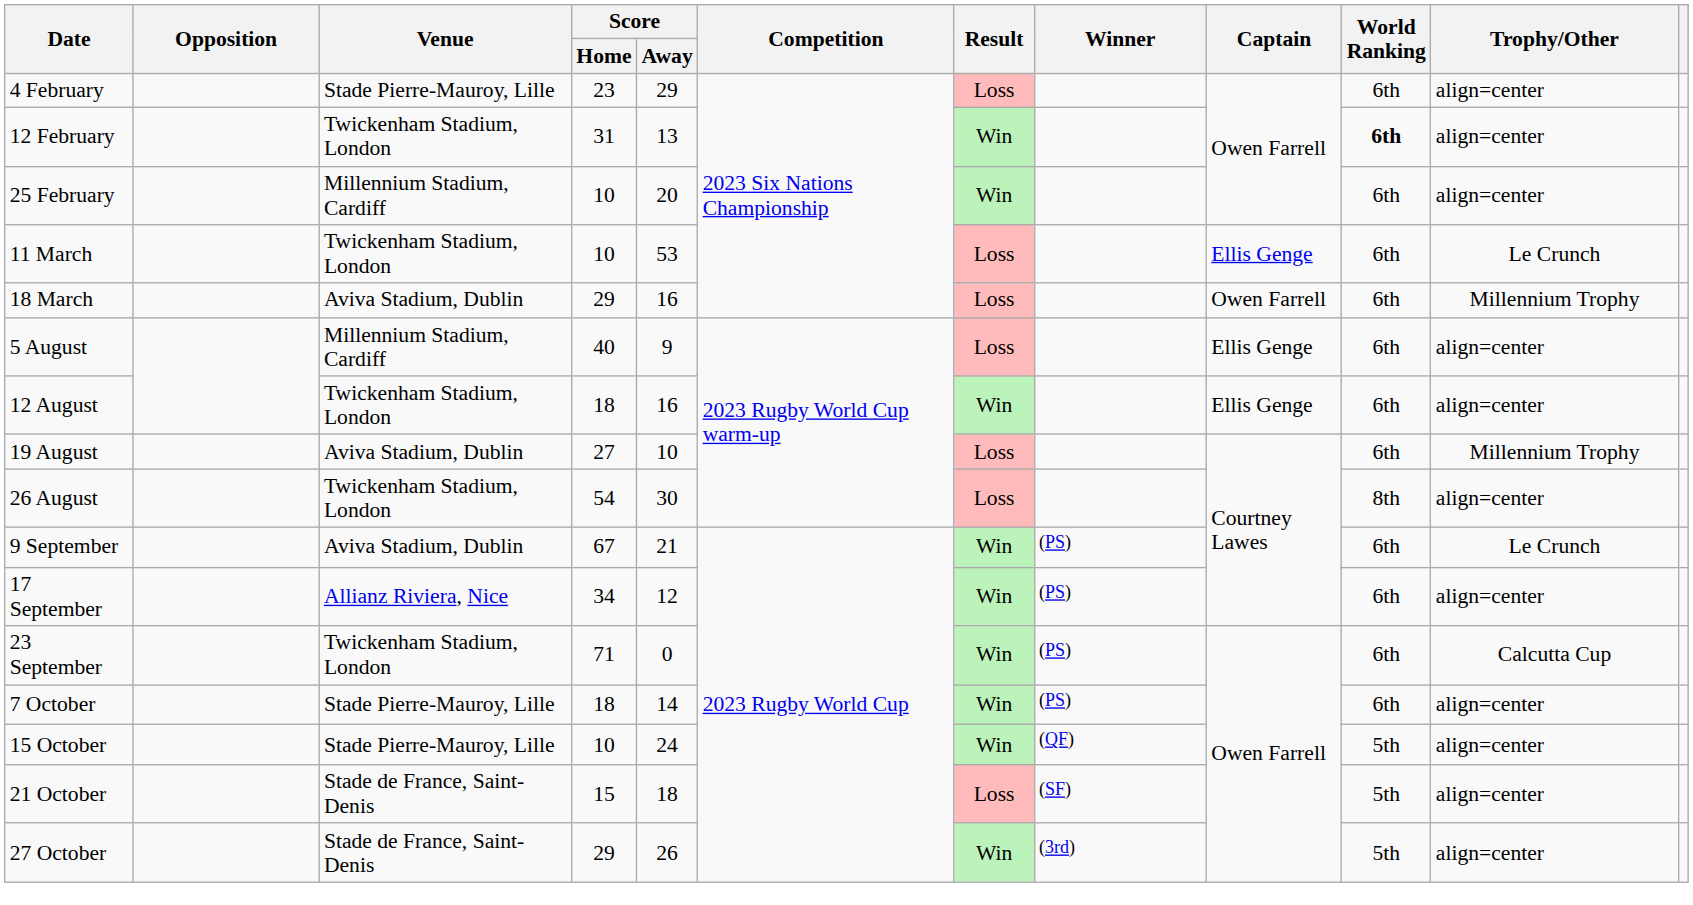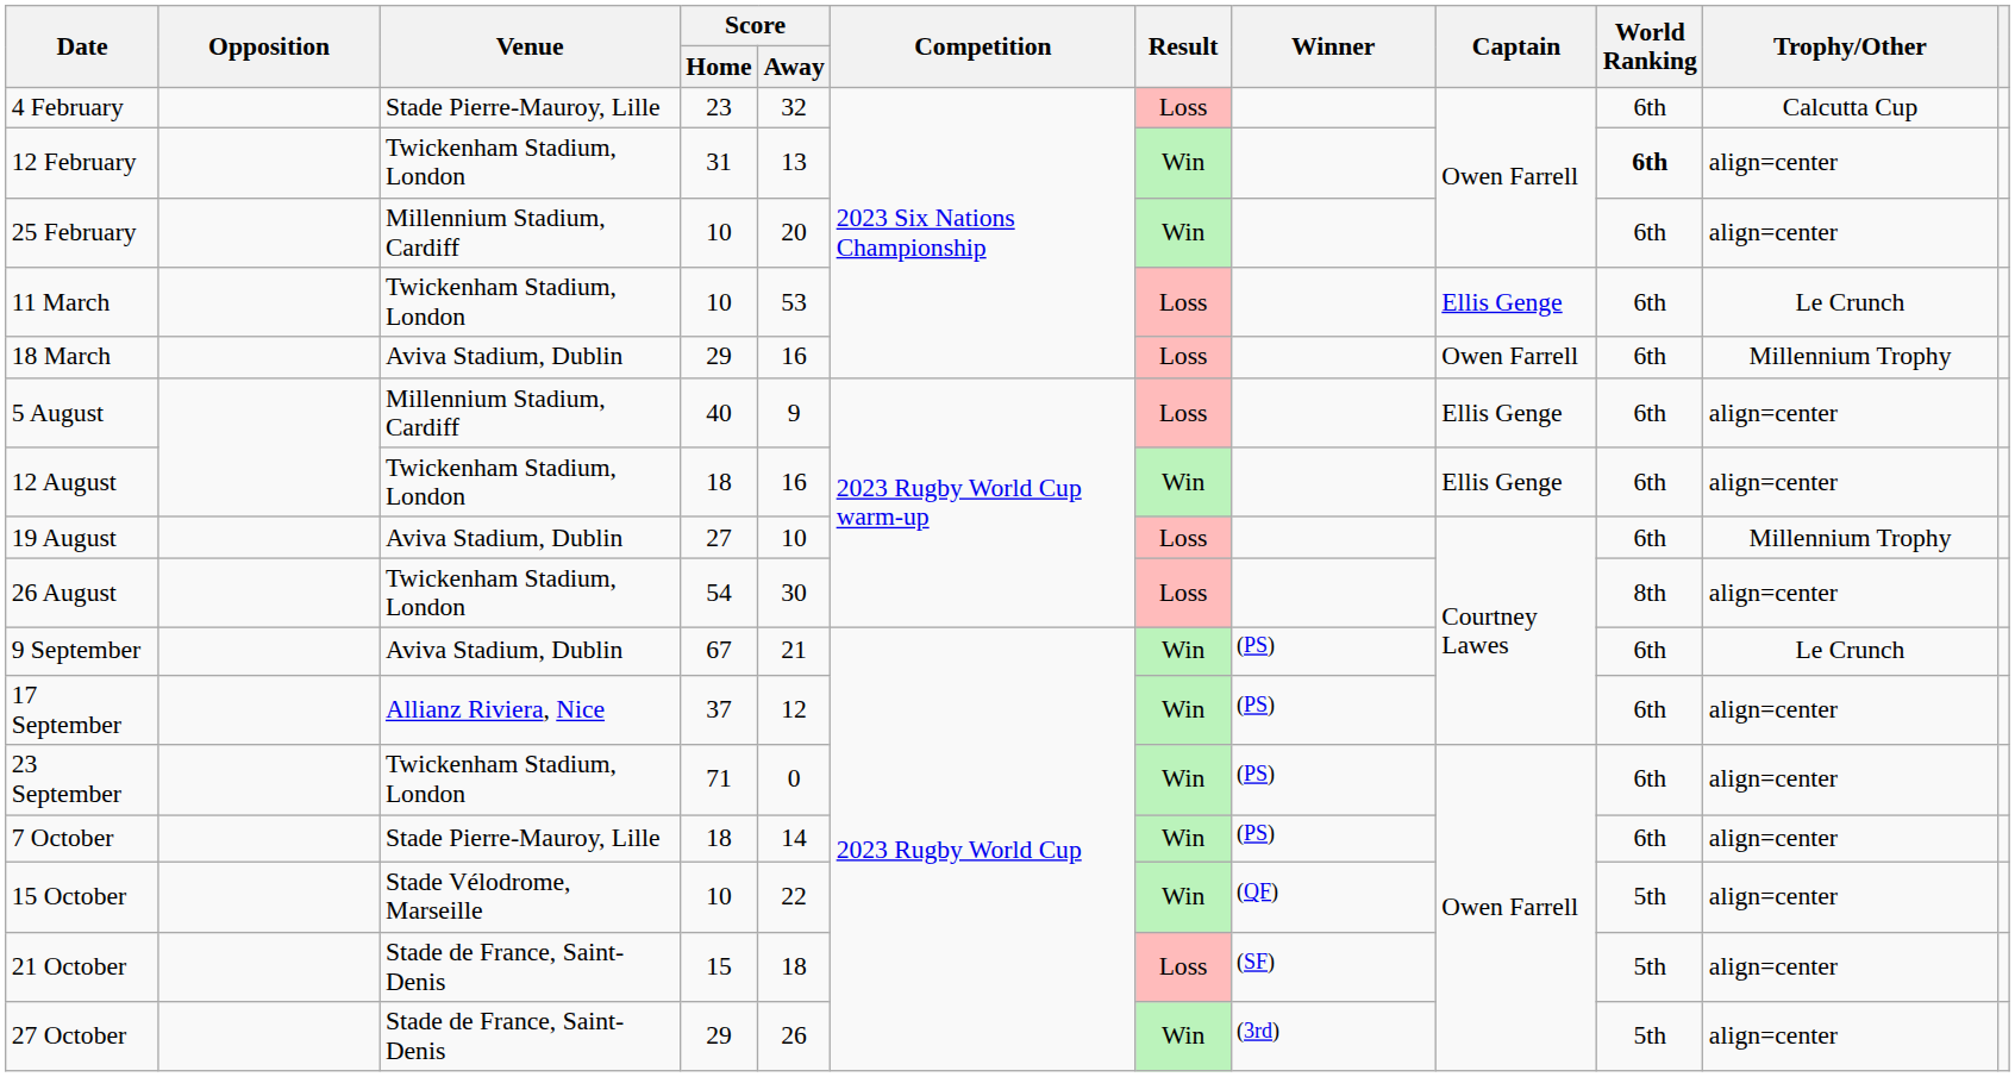 <table class="wikitable">
 <tr>
 <th rowspan=2 width="95">Date</th>
 <th rowspan=2 width="150">Opposition</th>
 <th rowspan=2 width="215">Venue</th>
 <th colspan=2>Score</th>
 <th rowspan=2 width="215">Competition</th>
 <th rowspan=2 width="55">Result</th>
 <th rowspan=2 width="145">Winner</th>
 <th rowspan=2 width="105">Captain</th>
 <th rowspan=2 width="40">World Ranking</th>
 <th rowspan=2 width="205">Trophy/Other </th>
 <th rowspan=2></th>
 </tr>
 <tr>
 <th width="35">Home</th>
 <th width="35">Away</th>
 </tr>
 <tr>
 <td>4 February</td>
 <td></td>
 <td>Stade Pierre-Mauroy, Lille</td>
 <td align=center>23</td>
-<td align=center>29</td>
+<td align=center>32</td>
 <td rowspan=5><a href='#'>2023 Six Nations Championship</a></td>
 <td align=center bgcolor=#FFBBBB>Loss</td>
 <td></td>
 <td rowspan=3>Owen Farrell</td>
 <td align=center>6th</td>
-<td>align=center </td>
+<td align=center>Calcutta Cup</td>
 <td align=center></td>
 </tr>
 <tr>
 <td>12 February</td>
 <td></td>
 <td>Twickenham Stadium, London</td>
 <td align=center>31</td>
 <td align=center>13</td>
 <td align=center bgcolor=#BBF3BB>Win</td>
 <td></td>
 <td align=center><strong>6th</strong></td>
 <td>align=center </td>
 <td align=center></td>
 </tr>
 <tr>
 <td>25 February</td>
 <td></td>
 <td>Millennium Stadium, Cardiff</td>
 <td align=center>10</td>
 <td align=center>20</td>
 <td align=center bgcolor=#BBF3BB>Win</td>
 <td></td>
 <td align=center>6th</td>
 <td>align=center </td>
 <td align=center></td>
 </tr>
 <tr>
 <td>11 March</td>
 <td></td>
 <td>Twickenham Stadium, London</td>
 <td align=center>10</td>
 <td align=center>53</td>
 <td align=center bgcolor=#FFBBBB>Loss</td>
 <td></td>
 <td><a href='#'>Ellis Genge</a></td>
 <td align=center>6th</td>
 <td align=center>Le Crunch</td>
 <td align=center></td>
 </tr>
 <tr>
 <td>18 March</td>
 <td></td>
 <td>Aviva Stadium, Dublin</td>
 <td align=center>29</td>
 <td align=center>16</td>
 <td align=center bgcolor=#FFBBBB>Loss</td>
 <td></td>
 <td>Owen Farrell</td>
 <td align=center>6th</td>
 <td align=center>Millennium Trophy</td>
 <td align=center></td>
 </tr>
 <tr>
 <td>5 August</td>
 <td rowspan=2></td>
 <td>Millennium Stadium, Cardiff</td>
 <td align=center>40</td>
 <td align=center>9</td>
 <td rowspan=4><a href='#'>2023 Rugby World Cup warm-up</a></td>
 <td align=center bgcolor=#FFBBBB>Loss</td>
 <td></td>
 <td>Ellis Genge</td>
 <td align=center>6th</td>
 <td>align=center </td>
 <td align=center></td>
 </tr>
 <tr>
 <td>12 August</td>
 <td>Twickenham Stadium, London</td>
 <td align=center>18</td>
 <td align=center>16</td>
 <td align=center bgcolor=#BBF3BB>Win</td>
 <td></td>
 <td>Ellis Genge</td>
 <td align=center>6th</td>
 <td>align=center </td>
 <td align=center></td>
 </tr>
 <tr>
 <td>19 August</td>
 <td></td>
 <td>Aviva Stadium, Dublin</td>
 <td align=center>27</td>
 <td align=center>10</td>
 <td align=center bgcolor=#FFBBBB>Loss</td>
 <td></td>
 <td rowspan=4>Courtney Lawes</td>
 <td align=center>6th</td>
 <td align=center>Millennium Trophy</td>
 <td align=center></td>
 </tr>
 <tr>
 <td>26 August</td>
 <td></td>
 <td>Twickenham Stadium, London</td>
 <td align=center>54</td>
 <td align=center>30</td>
 <td align=center bgcolor=#FFBBBB>Loss</td>
 <td></td>
 <td align=center>8th</td>
 <td>align=center </td>
 <td align=center></td>
 </tr>
 <tr>
 <td>9 September</td>
 <td></td>
 <td>Aviva Stadium, Dublin</td>
 <td align=center>67</td>
 <td align=center>21</td>
 <td rowspan=7><a href='#'>2023 Rugby World Cup</a></td>
 <td align=center bgcolor=#BBF3BB>Win</td>
 <td><sup>(<a href='#'>PS</a>)</sup></td>
 <td align=center>6th</td>
 <td align=center>Le Crunch</td>
 <td align=center></td>
 </tr>
 <tr>
 <td>17 September</td>
 <td></td>
 <td><a href='#'>Allianz Riviera</a>, <a href='#'>Nice</a></td>
-<td align=center>34</td>
+<td align=center>37</td>
 <td align=center>12</td>
 <td align=center bgcolor=#BBF3BB>Win</td>
 <td><sup>(<a href='#'>PS</a>)</sup></td>
 <td align=center>6th</td>
 <td>align=center </td>
 <td align=center></td>
 </tr>
 <tr>
 <td>23 September</td>
 <td></td>
 <td>Twickenham Stadium, London</td>
 <td align=center>71</td>
 <td align=center>0</td>
 <td align=center bgcolor=#BBF3BB>Win</td>
 <td><sup>(<a href='#'>PS</a>)</sup></td>
 <td rowspan=5>Owen Farrell</td>
 <td align=center>6th</td>
-<td align=center>Calcutta Cup</td>
+<td>align=center </td>
 <td align=center></td>
 </tr>
 <tr>
 <td>7 October</td>
 <td></td>
 <td>Stade Pierre-Mauroy, Lille</td>
 <td align=center>18</td>
 <td align=center>14</td>
 <td align=center bgcolor=#BBF3BB>Win</td>
 <td><sup>(<a href='#'>PS</a>)</sup></td>
 <td align=center>6th</td>
 <td>align=center </td>
 <td align=center></td>
 </tr>
 <tr>
 <td>15 October</td>
 <td></td>
-<td>Stade Pierre-Mauroy, Lille</td>
+<td>Stade Vélodrome, Marseille</td>
 <td align=center>10</td>
-<td align=center>24</td>
+<td align=center>22</td>
 <td align=center bgcolor=#BBF3BB>Win</td>
 <td><sup>(<a href='#'>QF</a>)</sup></td>
 <td align=center>5th</td>
 <td>align=center </td>
 <td align=center></td>
 </tr>
 <tr>
 <td>21 October</td>
 <td></td>
 <td>Stade de France, Saint-Denis</td>
 <td align=center>15</td>
 <td align=center>18</td>
 <td align=center bgcolor=#FFBBBB>Loss</td>
 <td><sup>(<a href='#'>SF</a>)</sup></td>
 <td align=center>5th</td>
 <td>align=center </td>
 <td align=center></td>
 </tr>
 <tr>
 <td>27 October</td>
 <td></td>
 <td>Stade de France, Saint-Denis</td>
 <td align=center>29</td>
 <td align=center>26</td>
 <td align=center bgcolor=#BBF3BB>Win</td>
 <td><sup>(<a href='#'>3rd</a>)</sup></td>
 <td align=center>5th</td>
 <td>align=center </td>
 <td align=center></td>
 </tr>
 </table>
